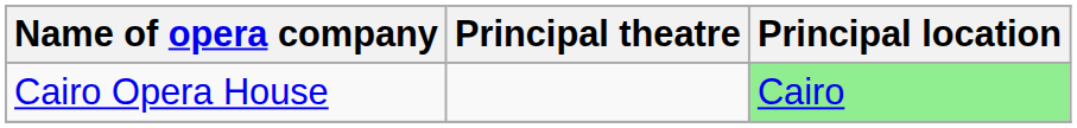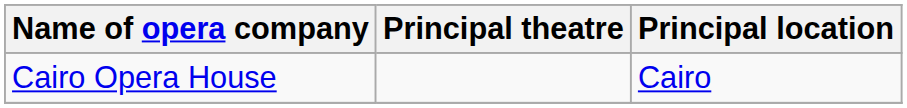 <table class="wikitable">
 <tr>
 <th>Name of <a href='#'>opera</a> company</th>
 <th>Principal theatre</th>
 <th>Principal location</th>
 </tr>
 <tr>
 <td><a href='#'>Cairo Opera House</a></td>
 <td></td>
-<td style="background: lightgreen;"><a href='#'>Cairo</a></td>
+<td><a href='#'>Cairo</a></td>
 </tr>
 <tr>
 </tr>
 </table>
